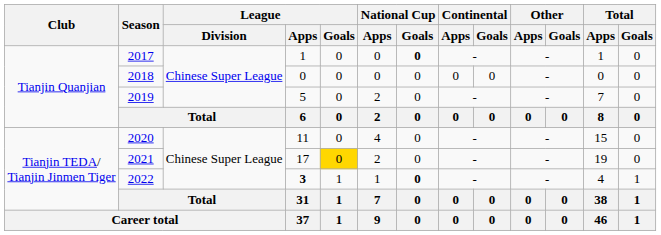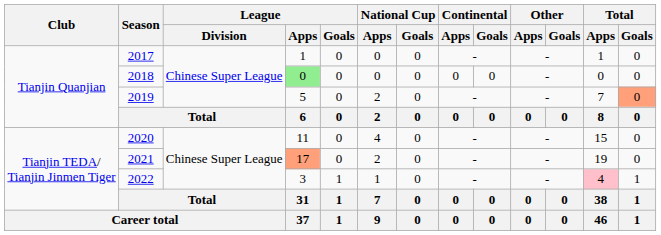 <table class="wikitable" style="text-align: center">
 <tr>
 <th rowspan="2">Club</th>
 <th rowspan="2">Season</th>
 <th colspan="3">League</th>
 <th colspan="2">National Cup</th>
 <th colspan="2">Continental</th>
 <th colspan="2">Other</th>
 <th colspan="2">Total</th>
 </tr>
 <tr>
 <th>Division</th>
 <th>Apps</th>
 <th>Goals</th>
 <th>Apps</th>
 <th>Goals</th>
 <th>Apps</th>
 <th>Goals</th>
 <th>Apps</th>
 <th>Goals</th>
 <th>Apps</th>
 <th>Goals</th>
 </tr>
 <tr>
 <td rowspan=4><a href='#'>Tianjin Quanjian</a></td>
 <td><a href='#'>2017</a></td>
 <td rowspan=3><a href='#'>Chinese Super League</a></td>
 <td>1</td>
 <td>0</td>
 <td>0</td>
-<td><strong>0</strong></td>
+<td>0</td>
 <td colspan="2">-</td>
 <td colspan="2">-</td>
 <td>1</td>
 <td>0</td>
 </tr>
 <tr>
 <td><a href='#'>2018</a></td>
-<td>0</td>
+<td style="background: lightgreen;">0</td>
 <td>0</td>
 <td>0</td>
 <td>0</td>
 <td>0</td>
 <td>0</td>
 <td colspan="2">-</td>
 <td>0</td>
 <td>0</td>
 </tr>
 <tr>
 <td><a href='#'>2019</a></td>
 <td>5</td>
 <td>0</td>
 <td>2</td>
 <td>0</td>
 <td colspan="2">-</td>
 <td colspan="2">-</td>
 <td>7</td>
-<td>0</td>
+<td style="background: lightsalmon;">0</td>
 </tr>
 <tr>
 <th colspan=2>Total</th>
 <th>6</th>
 <th>0</th>
 <th>2</th>
 <th>0</th>
 <th>0</th>
 <th>0</th>
 <th>0</th>
 <th>0</th>
 <th>8</th>
 <th>0</th>
 </tr>
 <tr>
 <td rowspan=4><a href='#'>Tianjin TEDA</a>/<br><a href='#'>Tianjin Jinmen Tiger</a></td>
 <td><a href='#'>2020</a></td>
 <td rowspan=3>Chinese Super League</td>
 <td>11</td>
 <td>0</td>
 <td>4</td>
 <td>0</td>
 <td colspan="2">-</td>
 <td colspan="2">-</td>
 <td>15</td>
 <td>0</td>
 </tr>
 <tr>
 <td><a href='#'>2021</a></td>
-<td>17</td>
-<td style="background: gold;">0</td>
+<td style="background: lightsalmon;">17</td>
+<td>0</td>
 <td>2</td>
 <td>0</td>
 <td colspan="2">-</td>
 <td colspan="2">-</td>
 <td>19</td>
 <td>0</td>
 </tr>
 <tr>
 <td><a href='#'>2022</a></td>
-<td><strong>3</strong></td>
+<td>3</td>
 <td>1</td>
 <td>1</td>
-<td><strong>0</strong></td>
+<td>0</td>
 <td colspan="2">-</td>
 <td colspan="2">-</td>
-<td>4</td>
+<td style="background: pink;">4</td>
 <td>1</td>
 </tr>
 <tr>
 <th colspan=2>Total</th>
 <th>31</th>
 <th>1</th>
 <th>7</th>
 <th>0</th>
 <th>0</th>
 <th>0</th>
 <th>0</th>
 <th>0</th>
 <th>38</th>
 <th>1</th>
 </tr>
 <tr>
 <th colspan=3>Career total</th>
 <th>37</th>
 <th>1</th>
 <th>9</th>
 <th>0</th>
 <th>0</th>
 <th>0</th>
 <th>0</th>
 <th>0</th>
 <th>46</th>
 <th>1</th>
 </tr>
 </table>
